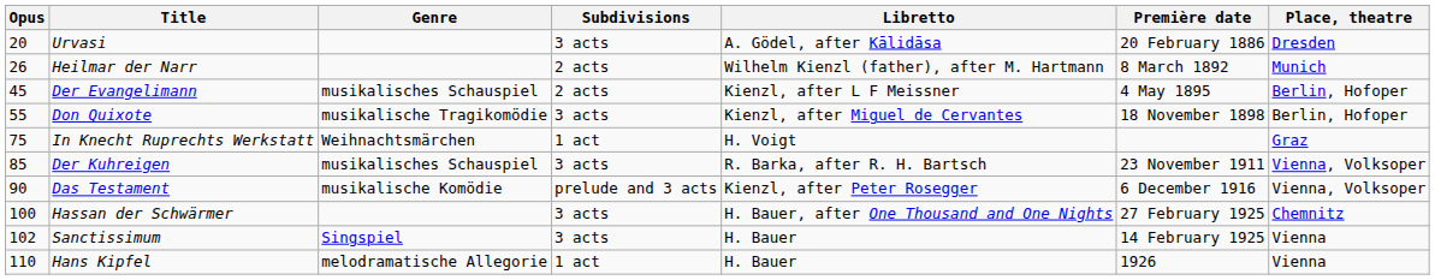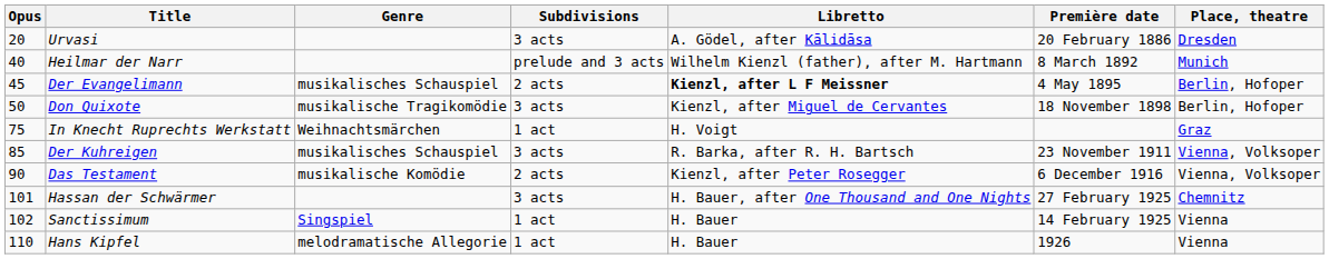 <table class="wikitable sortable">
 <tr>
 <th>Opus</th>
 <th>Title</th>
 <th>Genre</th>
 <th>Sub­divisions</th>
 <th>Libretto</th>
 <th>Première date</th>
 <th>Place, theatre</th>
 </tr>
 <tr>
 <td>20</td>
 <td><em>Urvasi</em></td>
 <td> </td>
 <td>3 acts</td>
 <td>A. Gödel, after <a href='#'>Kālidāsa</a></td>
 <td> 20 February 1886</td>
 <td><a href='#'>Dresden</a></td>
 </tr>
 <tr>
-<td>26</td>
+<td>40</td>
 <td><em>Heilmar der Narr</em></td>
 <td> </td>
-<td>2 acts</td>
+<td>prelude and 3 acts</td>
 <td>Wilhelm Kienzl (father), after M. Hartmann</td>
 <td> 8 March 1892</td>
 <td><a href='#'>Munich</a></td>
 </tr>
 <tr>
 <td>45</td>
 <td><em><a href='#'>Der Evangelimann</a></em></td>
 <td>musikalisches Schauspiel</td>
 <td>2 acts</td>
-<td>Kienzl, after L F Meissner</td>
+<td><strong>Kienzl, after L F Meissner</strong></td>
 <td> 4 May 1895</td>
 <td><a href='#'>Berlin</a>, Hofoper</td>
 </tr>
 <tr>
-<td>55</td>
+<td>50</td>
 <td><em><a href='#'>Don Quixote</a></em></td>
 <td>musikalische Tragikomödie</td>
 <td>3 acts</td>
 <td>Kienzl, after <a href='#'>Miguel de Cervantes</a></td>
 <td> 18 November 1898</td>
 <td>Berlin, Hofoper</td>
 </tr>
 <tr>
 <td>75</td>
 <td><em>In Knecht Ruprechts Werkstatt</em></td>
 <td>Weihnachtsmärchen</td>
 <td>1 act</td>
 <td>H. Voigt</td>
 <td></td>
 <td><a href='#'>Graz</a></td>
 </tr>
 <tr>
 <td>85</td>
 <td><em><a href='#'>Der Kuhreigen</a></em></td>
 <td>musikalisches Schauspiel</td>
 <td>3 acts</td>
 <td>R. Barka, after R. H. Bartsch</td>
 <td> 23 November 1911</td>
 <td><a href='#'>Vienna</a>, Volksoper</td>
 </tr>
 <tr>
 <td>90</td>
 <td><em><a href='#'>Das Testament</a></em></td>
 <td>musikalische Komödie</td>
-<td>prelude and 3 acts</td>
+<td>2 acts</td>
 <td>Kienzl, after <a href='#'>Peter Rosegger</a></td>
 <td> 6 December 1916</td>
 <td>Vienna, Volksoper</td>
 </tr>
 <tr>
-<td>100</td>
+<td>101</td>
 <td><em>Hassan der Schwärmer</em></td>
 <td> </td>
 <td>3 acts</td>
 <td>H. Bauer, after <em><a href='#'>One Thousand and One Nights</a></em></td>
 <td> 27 February 1925</td>
 <td><a href='#'>Chemnitz</a></td>
 </tr>
 <tr>
 <td>102</td>
 <td><em>Sanctissimum</em></td>
 <td><a href='#'>Singspiel</a></td>
-<td>3 acts</td>
+<td>1 act</td>
 <td>H. Bauer</td>
 <td> 14 February 1925</td>
 <td>Vienna</td>
 </tr>
 <tr>
 <td>110</td>
 <td><em>Hans Kipfel</em></td>
 <td>melodramatische Allegorie</td>
 <td>1 act</td>
 <td>H. Bauer</td>
 <td> 1926</td>
 <td>Vienna</td>
 </tr>
 </table>
